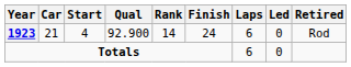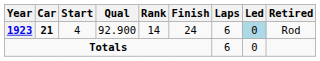 <table class="wikitable" style="text-align:center">
 <tr>
 <th>Year</th>
 <th>Car</th>
 <th>Start</th>
 <th>Qual</th>
 <th>Rank</th>
 <th>Finish</th>
 <th>Laps</th>
 <th>Led</th>
 <th>Retired</th>
 </tr>
 <tr>
 <th><a href='#'>1923</a></th>
-<td>21</td>
+<td><strong>21</strong></td>
 <td>4</td>
 <td>92.900</td>
 <td>14</td>
 <td>24</td>
 <td>6</td>
-<td>0</td>
+<td style="background: lightblue;">0</td>
 <td>Rod</td>
 </tr>
 <tr>
 <td colspan=6><strong>Totals</strong></td>
 <td>6</td>
 <td>0</td>
 <td></td>
 </tr>
 </table>
